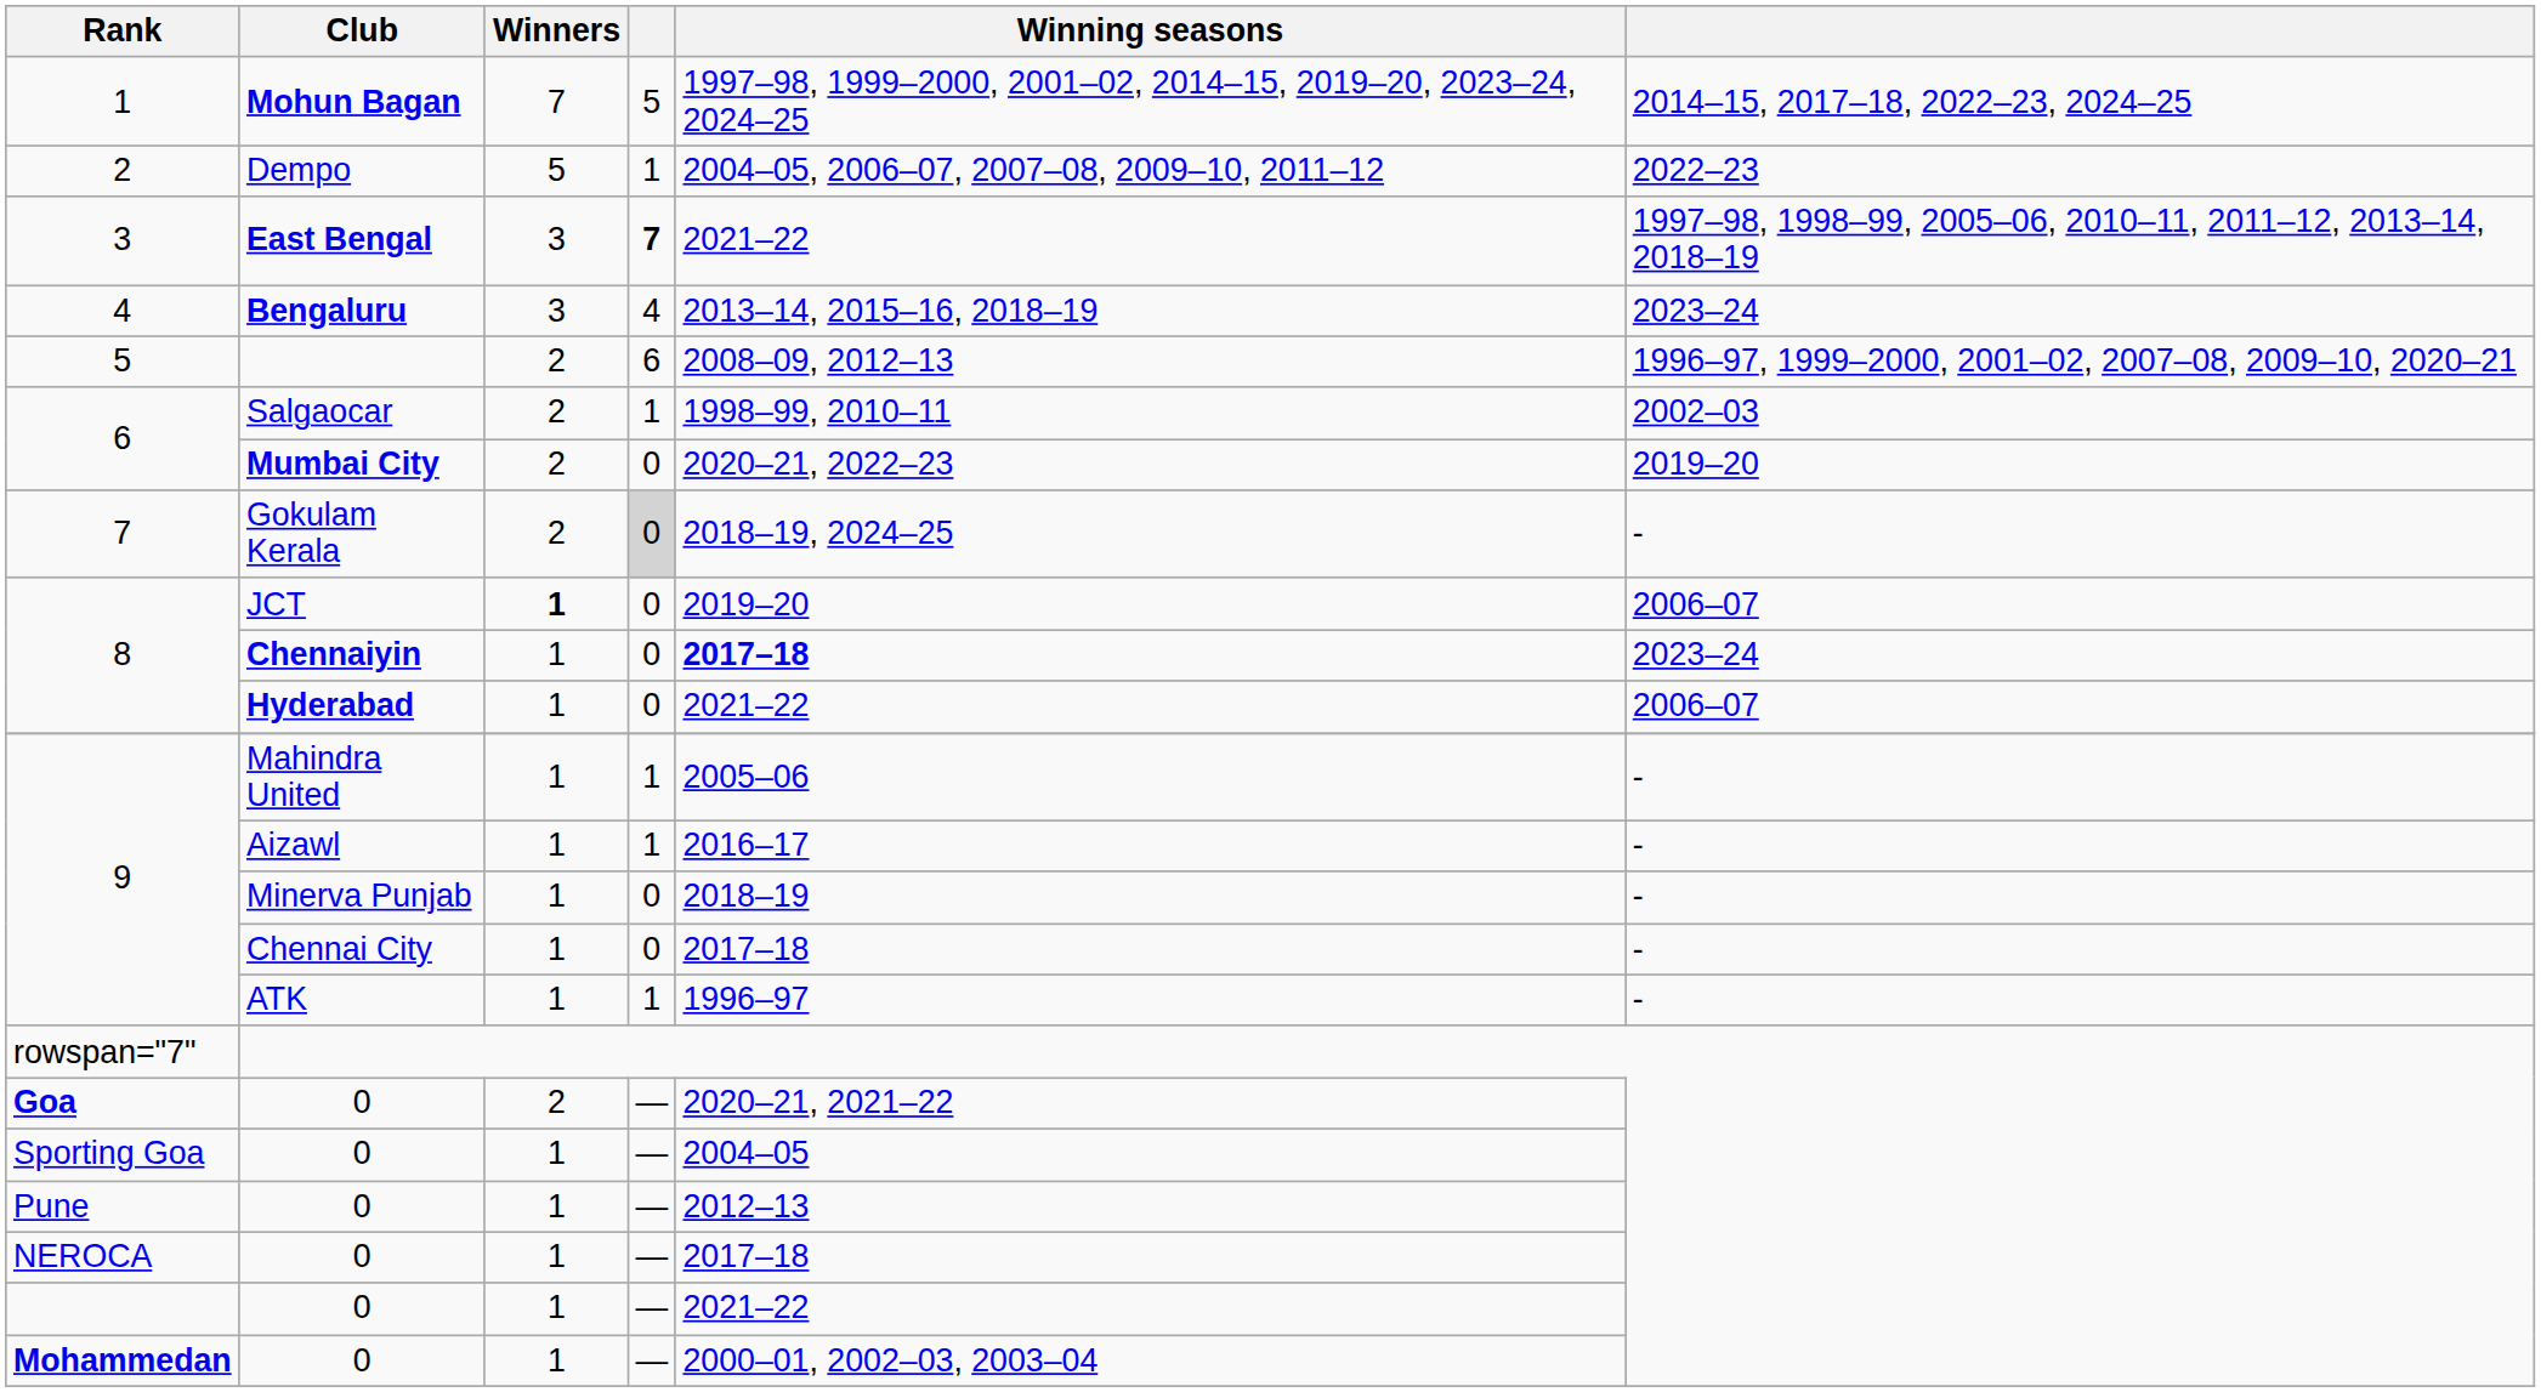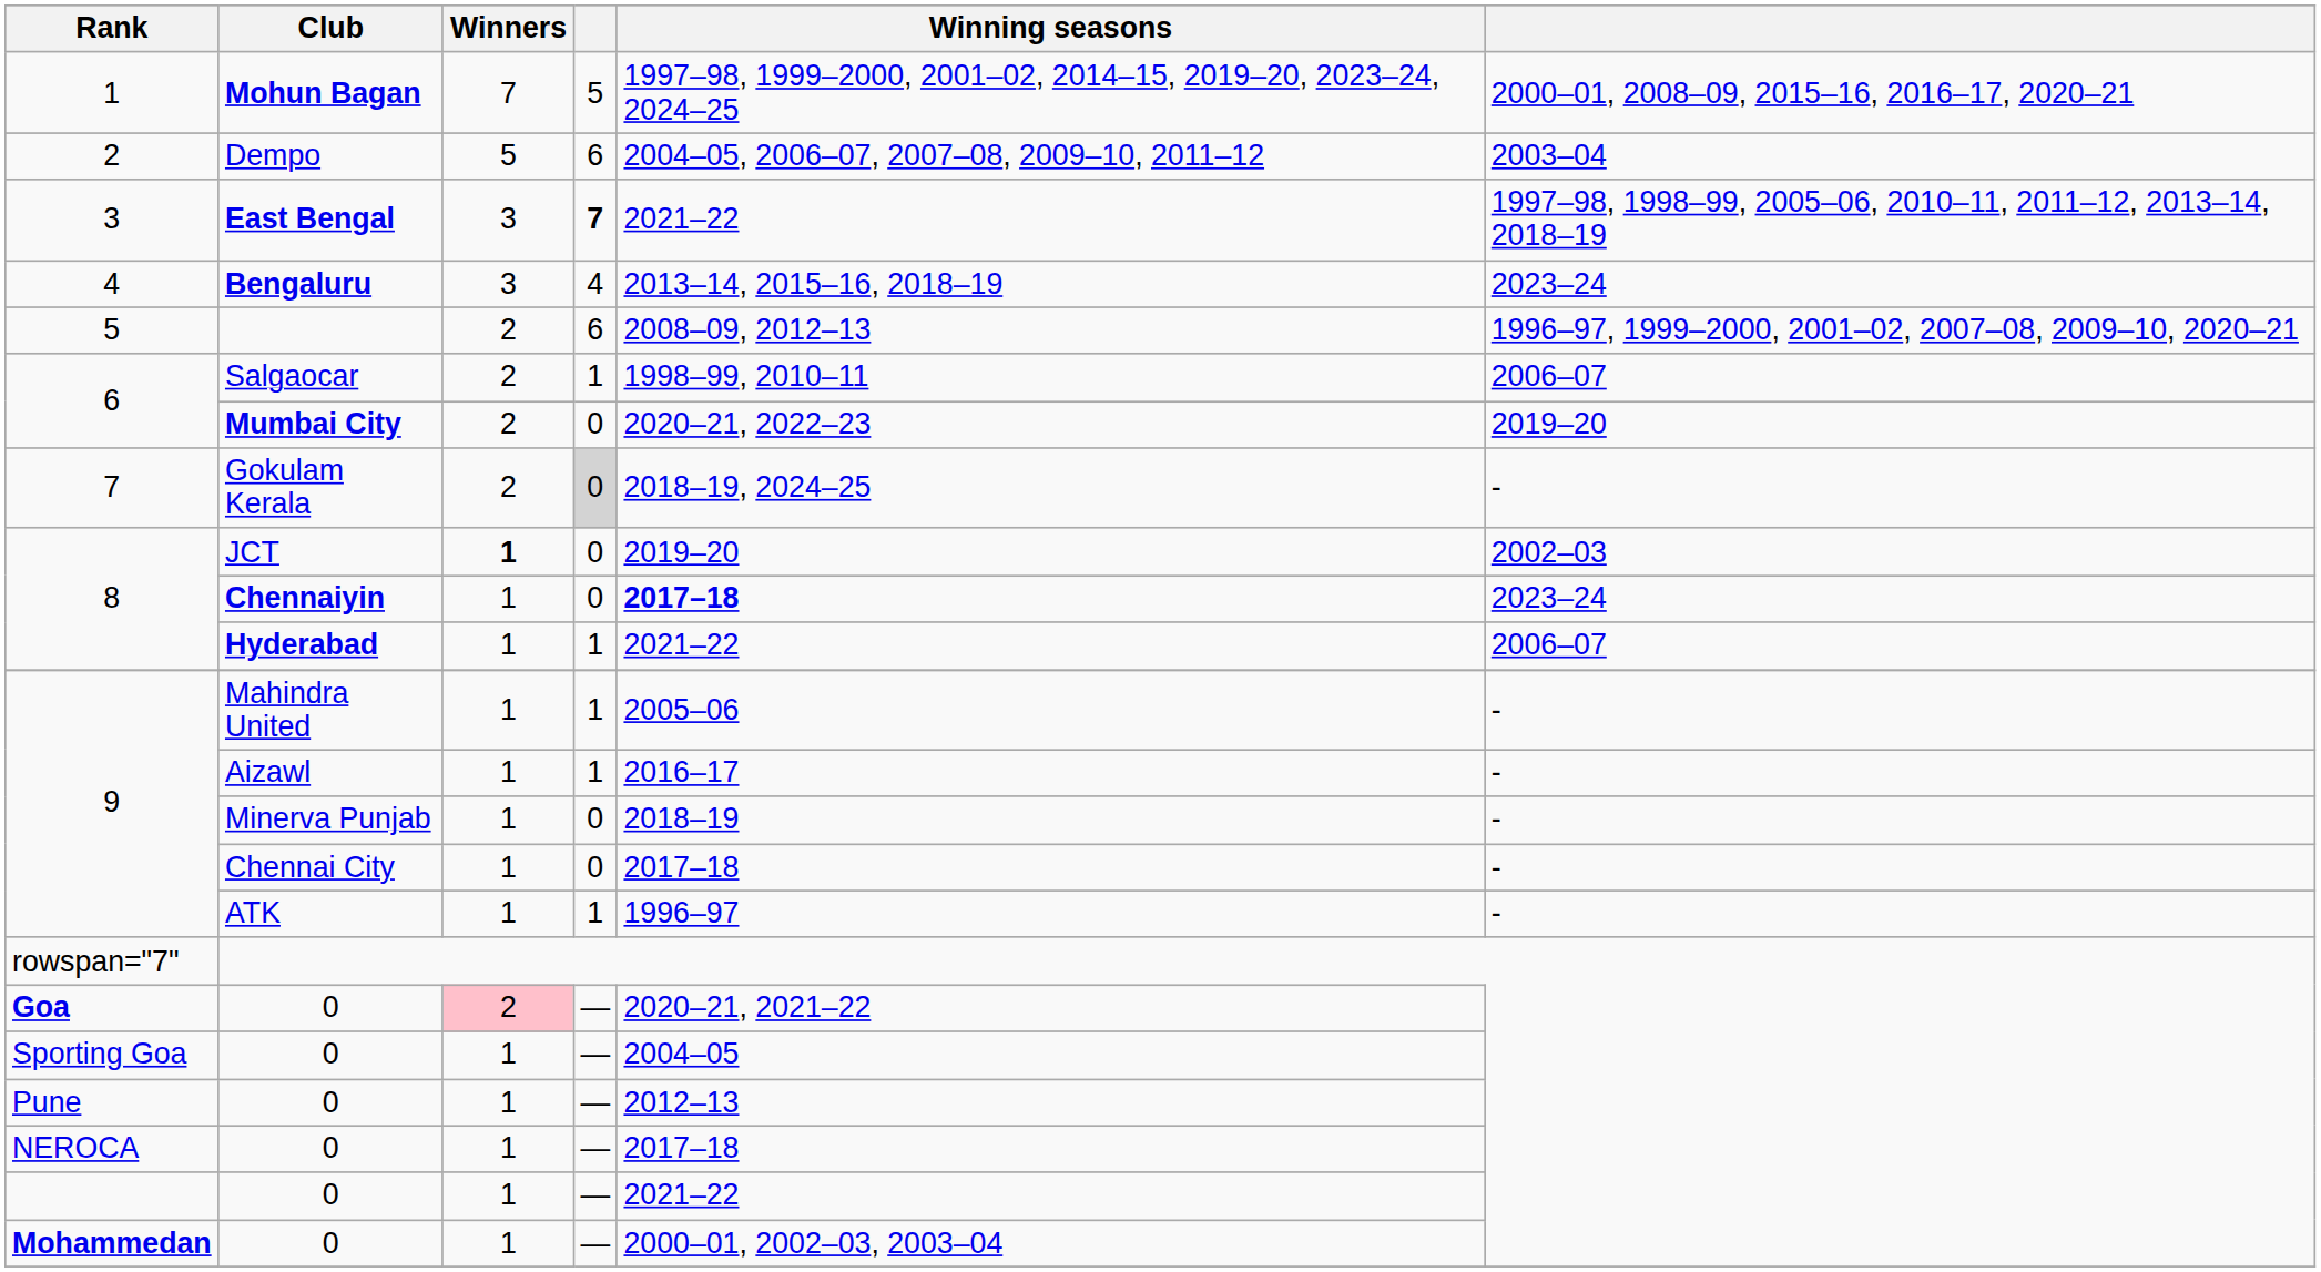 <table class="wikitable sortable">
 <tr>
 <th>Rank</th>
 <th>Club</th>
 <th>Winners</th>
 <th></th>
 <th>Winning seasons</th>
 <th></th>
 </tr>
 <tr>
 <td align=center>1</td>
 <td><strong><a href='#'>Mohun Bagan</a></strong></td>
 <td align=center>7</td>
 <td align=center>5</td>
 <td><a href='#'>1997–98</a>, <a href='#'>1999–2000</a>, <a href='#'>2001–02</a>, <a href='#'>2014–15</a>, <a href='#'>2019–20</a>, <a href='#'>2023–24</a>, <a href='#'>2024–25</a></td>
-<td><a href='#'>2014–15</a>, <a href='#'>2017–18</a>, <a href='#'>2022–23</a>, <a href='#'>2024–25</a></td>
+<td><a href='#'>2000–01</a>, <a href='#'>2008–09</a>, <a href='#'>2015–16</a>, <a href='#'>2016–17</a>, <a href='#'>2020–21</a></td>
 </tr>
 <tr>
 <td align=center>2</td>
 <td><a href='#'>Dempo</a></td>
 <td align=center>5</td>
-<td align=center>1</td>
+<td align=center>6</td>
 <td><a href='#'>2004–05</a>, <a href='#'>2006–07</a>, <a href='#'>2007–08</a>, <a href='#'>2009–10</a>, <a href='#'>2011–12</a></td>
-<td><a href='#'>2022–23</a></td>
+<td><a href='#'>2003–04</a></td>
 </tr>
 <tr>
 <td align=center>3</td>
 <td><strong><a href='#'>East Bengal</a></strong></td>
 <td align=center>3</td>
 <td align=center><strong>7</strong></td>
 <td><a href='#'>2021–22</a></td>
 <td><a href='#'>1997–98</a>, <a href='#'>1998–99</a>, <a href='#'>2005–06</a>, <a href='#'>2010–11</a>, <a href='#'>2011–12</a>, <a href='#'>2013–14</a>, <a href='#'>2018–19</a></td>
 </tr>
 <tr>
 <td align=center>4</td>
 <td><strong><a href='#'>Bengaluru</a></strong></td>
 <td align=center>3</td>
 <td align=center>4</td>
 <td><a href='#'>2013–14</a>, <a href='#'>2015–16</a>, <a href='#'>2018–19</a></td>
 <td><a href='#'>2023–24</a></td>
 </tr>
 <tr>
 <td align=center>5</td>
 <td><strong></strong></td>
 <td align=center>2</td>
 <td align=center>6</td>
 <td><a href='#'>2008–09</a>, <a href='#'>2012–13</a></td>
 <td><a href='#'>1996–97</a>, <a href='#'>1999–2000</a>, <a href='#'>2001–02</a>, <a href='#'>2007–08</a>, <a href='#'>2009–10</a>, <a href='#'>2020–21</a></td>
 </tr>
 <tr>
 <td rowspan="2" align="center">6</td>
 <td><a href='#'>Salgaocar</a></td>
 <td align=center>2</td>
 <td align=center>1</td>
 <td><a href='#'>1998–99</a>, <a href='#'>2010–11</a></td>
-<td><a href='#'>2002–03</a></td>
+<td><a href='#'>2006–07</a></td>
 </tr>
 <tr>
 <td><strong><a href='#'>Mumbai City</a></strong></td>
 <td align="center">2</td>
 <td align=center>0</td>
 <td><a href='#'>2020–21</a>, <a href='#'>2022–23</a></td>
 <td><a href='#'>2019–20</a></td>
 </tr>
 <tr>
 <td align="center">7</td>
 <td><a href='#'>Gokulam Kerala</a></td>
 <td align="center">2</td>
 <td align="center" style="background: lightgrey;">0</td>
 <td><a href='#'>2018–19</a>, <a href='#'>2024–25</a></td>
 <td>-</td>
 </tr>
 <tr>
 <td rowspan="3" align="center">8</td>
 <td><a href='#'>JCT</a></td>
 <td align="center"><strong>1</strong></td>
 <td align=center>0</td>
 <td><a href='#'>2019–20</a></td>
-<td><a href='#'>2006–07</a></td>
+<td><a href='#'>2002–03</a></td>
 </tr>
 <tr>
 <td><strong><a href='#'>Chennaiyin</a></strong></td>
 <td align=center>1</td>
 <td align=center>0</td>
 <td><strong><a href='#'>2017–18</a></strong></td>
 <td><a href='#'>2023–24</a></td>
 </tr>
 <tr>
 <td><strong><a href='#'>Hyderabad</a></strong></td>
 <td align=center>1</td>
-<td align=center>0</td>
+<td align=center>1</td>
 <td><a href='#'>2021–22</a></td>
 <td><a href='#'>2006–07</a></td>
 </tr>
 <tr>
 </tr>
 <tr>
 <td rowspan="5" align="center">9</td>
 <td><a href='#'>Mahindra United</a></td>
 <td align=center>1</td>
 <td align="center">1</td>
 <td><a href='#'>2005–06</a></td>
 <td>-</td>
 </tr>
 <tr>
 <td><a href='#'>Aizawl</a></td>
 <td align=center>1</td>
 <td align="center">1</td>
 <td><a href='#'>2016–17</a></td>
 <td>-</td>
 </tr>
 <tr>
 <td><a href='#'>Minerva Punjab</a></td>
 <td align=center>1</td>
 <td align=center>0</td>
 <td><a href='#'>2018–19</a></td>
 <td>-</td>
 </tr>
 <tr>
 <td><a href='#'>Chennai City</a></td>
 <td align=center>1</td>
 <td align=center>0</td>
 <td><a href='#'>2017–18</a></td>
 <td>-</td>
 </tr>
 <tr>
 <td><a href='#'>ATK</a> </td>
 <td align=center>1</td>
 <td align=center>1</td>
 <td><a href='#'>1996–97</a></td>
 <td>-</td>
 </tr>
 <tr>
 <td>rowspan="7" </td>
 </tr>
 <tr>
 <td><strong><a href='#'>Goa</a></strong></td>
 <td align=center>0</td>
-<td align=center>2</td>
+<td align=center style="background: pink;">2</td>
 <td>—</td>
 <td><a href='#'>2020–21</a>, <a href='#'>2021–22</a></td>
 </tr>
 <tr>
 <td><a href='#'>Sporting Goa</a></td>
 <td align=center>0</td>
 <td align=center>1</td>
 <td>—</td>
 <td><a href='#'>2004–05</a></td>
 </tr>
 <tr>
 <td><a href='#'>Pune</a></td>
 <td align=center>0</td>
 <td align=center>1</td>
 <td>—</td>
 <td><a href='#'>2012–13</a></td>
 </tr>
 <tr>
 <td><a href='#'>NEROCA</a></td>
 <td align=center>0</td>
 <td align=center>1</td>
 <td>—</td>
 <td><a href='#'>2017–18</a></td>
 </tr>
 <tr>
 <td><strong></strong></td>
 <td align=center>0</td>
 <td align=center>1</td>
 <td>—</td>
 <td><a href='#'>2021–22</a></td>
 </tr>
 <tr>
 <td><strong><a href='#'>Mohammedan</a></strong></td>
 <td align=center>0</td>
 <td align=center>1</td>
 <td>—</td>
 <td><a href='#'>2000–01</a>, <a href='#'>2002–03</a>, <a href='#'>2003–04</a></td>
 </tr>
 </table>
